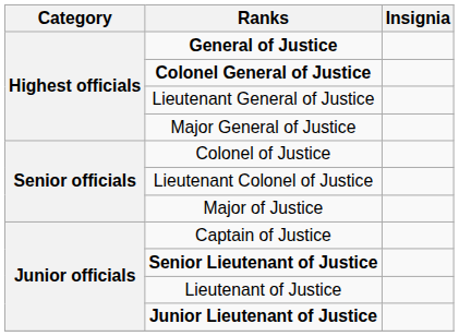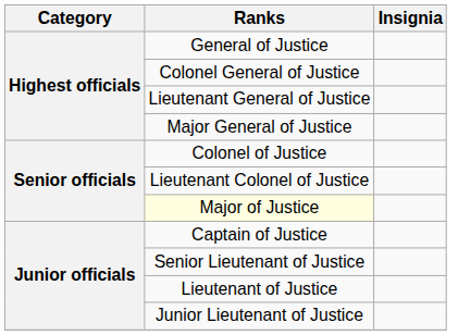 <table class="wikitable" style="text-align:center;">
 <tr>
 <th>Category</th>
 <th>Ranks</th>
 <th>Insignia</th>
 </tr>
 <tr>
 <th rowspan=4>Highest officials</th>
-<td><strong>General of Justice</strong></td>
+<td>General of Justice</td>
 <td></td>
 </tr>
 <tr>
-<td><strong>Colonel General of Justice</strong></td>
+<td>Colonel General of Justice</td>
 <td></td>
 </tr>
 <tr>
 <td>Lieutenant General of Justice</td>
 <td></td>
 </tr>
 <tr>
 <td>Major General of Justice</td>
 <td></td>
 </tr>
 <tr>
 <th rowspan=3>Senior officials</th>
 <td>Colonel of Justice</td>
 <td></td>
 </tr>
 <tr>
 <td>Lieutenant Colonel of Justice</td>
 <td></td>
 </tr>
 <tr>
-<td>Major of Justice</td>
+<td style="background: lightyellow;">Major of Justice</td>
 <td></td>
 </tr>
 <tr>
 <th rowspan=4>Junior officials</th>
 <td>Captain of Justice</td>
 <td></td>
 </tr>
 <tr>
-<td><strong>Senior Lieutenant of Justice</strong></td>
+<td>Senior Lieutenant of Justice</td>
 <td></td>
 </tr>
 <tr>
 <td>Lieutenant of Justice</td>
 <td></td>
 </tr>
 <tr>
-<td><strong>Junior Lieutenant of Justice</strong></td>
+<td>Junior Lieutenant of Justice</td>
 <td></td>
 </tr>
 <tr>
 </tr>
 </table>
